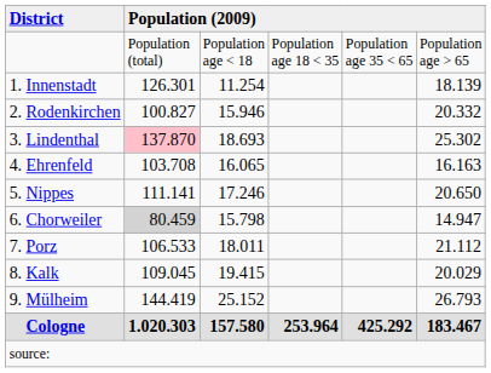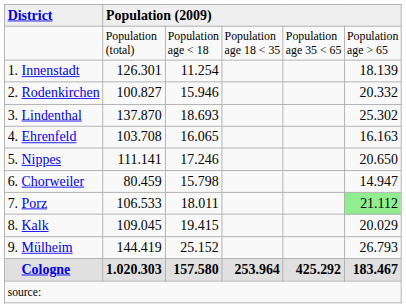 <table class="wikitable">
 <tr style="background:#efefef;">
 <td><strong><a href='#'>District</a></strong></td>
 <td colspan="5"><strong>Population (2009)</strong></td>
 </tr>
 <tr align="left" style="font-size: 85%">
 <td></td>
 <td>Population <br> (total)</td>
 <td>Population <br> age < 18</td>
 <td>Population <br> age 18 < 35</td>
 <td>Population <br> age 35 < 65</td>
 <td>Population <br> age > 65</td>
 </tr>
 <tr align="right">
 <td align="left">1. <a href='#'>Innenstadt</a></td>
 <td>126.301 </td>
 <td>11.254 </td>
 <td></td>
 <td></td>
 <td>18.139 </td>
 </tr>
 <tr align="right">
 <td align="left">2. <a href='#'>Rodenkirchen</a></td>
 <td>100.827 </td>
 <td>15.946 </td>
 <td></td>
 <td></td>
 <td>20.332 </td>
 </tr>
 <tr align="right">
 <td align="left">3. <a href='#'>Lindenthal</a></td>
-<td style="background: pink;">137.870 </td>
+<td>137.870 </td>
 <td>18.693 </td>
 <td></td>
 <td></td>
 <td>25.302 </td>
 </tr>
 <tr align="right">
 <td align="left">4. <a href='#'>Ehrenfeld</a></td>
 <td>103.708 </td>
 <td>16.065 </td>
 <td></td>
 <td></td>
 <td>16.163 </td>
 </tr>
 <tr align="right">
 <td align="left">5. <a href='#'>Nippes</a></td>
 <td>111.141 </td>
 <td>17.246 </td>
 <td></td>
 <td></td>
 <td>20.650 </td>
 </tr>
 <tr align="right">
 <td align="left">6. <a href='#'>Chorweiler</a></td>
-<td style="background: lightgrey;">80.459 </td>
+<td>80.459 </td>
 <td>15.798 </td>
 <td></td>
 <td></td>
 <td>14.947 </td>
 </tr>
 <tr align="right">
 <td align="left">7. <a href='#'>Porz</a></td>
 <td>106.533 </td>
 <td>18.011 </td>
 <td></td>
 <td></td>
-<td>21.112 </td>
+<td style="background: lightgreen;">21.112 </td>
 </tr>
 <tr align="right">
 <td align="left">8. <a href='#'>Kalk</a></td>
 <td>109.045 </td>
 <td>19.415 </td>
 <td></td>
 <td></td>
 <td>20.029 </td>
 </tr>
 <tr align="right">
 <td align="left">9. <a href='#'>Mülheim</a></td>
 <td>144.419 </td>
 <td>25.152 </td>
 <td></td>
 <td></td>
 <td>26.793 </td>
 </tr>
 <tr align="right" style="background:#e0e0e0;">
 <td align="left">    <strong><a href='#'>Cologne</a></strong></td>
 <td><strong>1.020.303</strong> </td>
 <td><strong>157.580</strong> </td>
 <td><strong>253.964</strong> </td>
 <td><strong>425.292</strong> </td>
 <td><strong>183.467</strong> </td>
 </tr>
 <tr>
 <td colspan="6"><small>source:  </small></td>
 </tr>
 </table>
